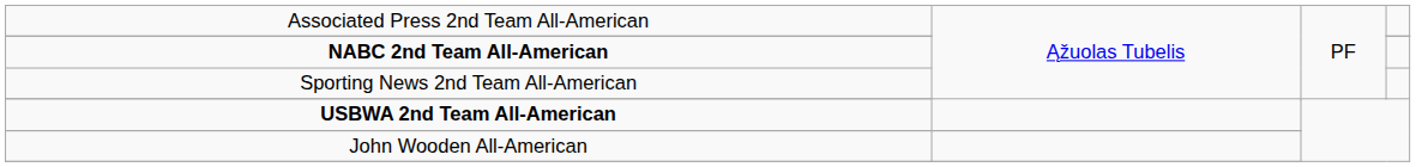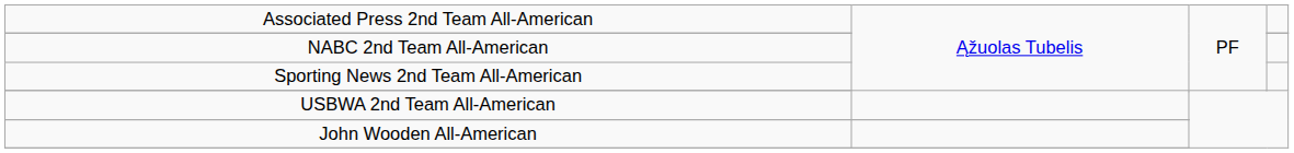 <table class="wikitable" style="width: 90%;text-align: center;">
 <tr align="center">
 <td>Associated Press 2nd Team All-American</td>
 <td rowspan="5"><a href='#'>Ąžuolas Tubelis</a></td>
 <td rowspan="5">PF</td>
 <td></td>
 </tr>
 <tr>
 </tr>
 <tr align="center">
-<td><strong>NABC 2nd Team All-American</strong></td>
+<td>NABC 2nd Team All-American</td>
 <td></td>
 </tr>
 <tr align="center">
 <td>Sporting News 2nd Team All-American</td>
 <td></td>
 </tr>
 <tr>
 </tr>
 <tr align="center">
-<td><strong>USBWA 2nd Team All-American</strong></td>
+<td>USBWA 2nd Team All-American</td>
 <td></td>
 </tr>
 <tr>
 </tr>
 <tr align="center">
 <td>John Wooden All-American</td>
 <td></td>
 </tr>
 <tr>
 </tr>
 </table>
